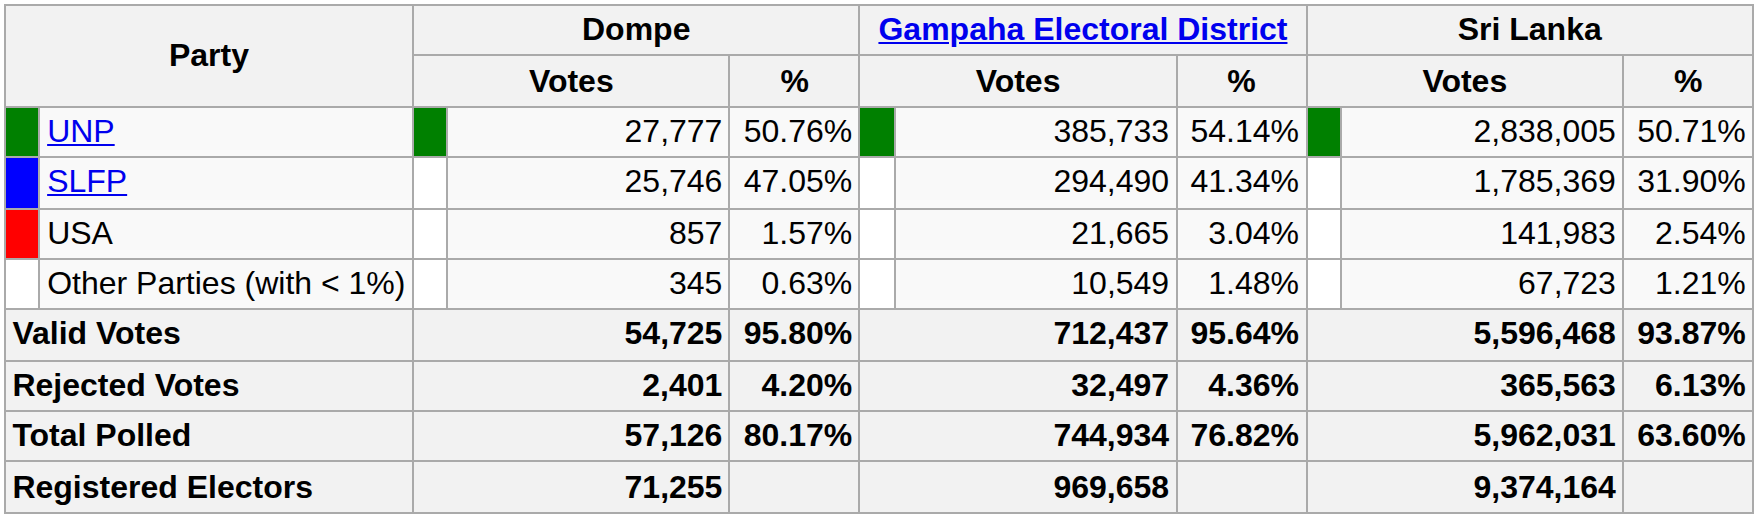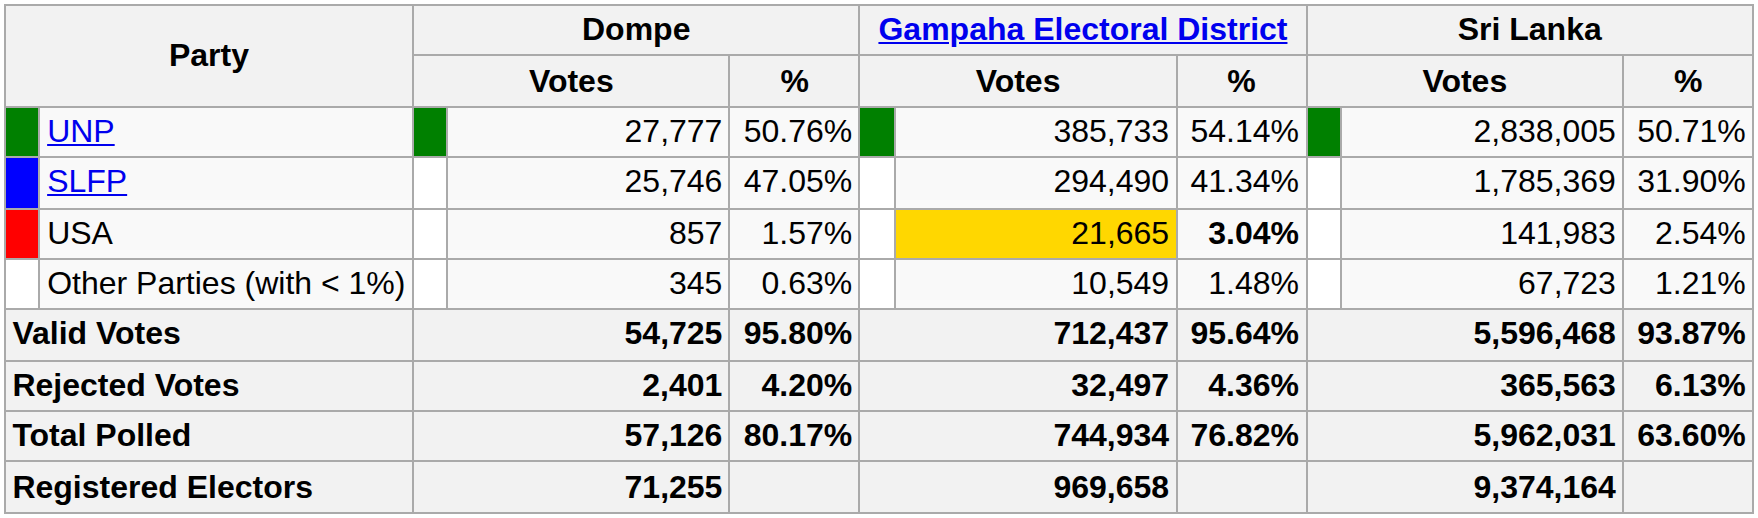 <table class="wikitable">
 <tr>
 <th colspan="2" width="144px"rowspan="2">Party</th>
 <th colspan="3" width="216px">Dompe</th>
 <th colspan="3" width="216px"><a href='#'>Gampaha Electoral District</a></th>
 <th colspan="3" width="216px">Sri Lanka</th>
 </tr>
 <tr>
 <th colspan="2" width="144px">Votes</th>
 <th>%</th>
 <th colspan="2" width="144px">Votes</th>
 <th>%</th>
 <th colspan="2" width="144px">Votes</th>
 <th>%</th>
 </tr>
 <tr>
 <td style="background-color:green;" width="10px"></td>
 <td style="text-align:left;"><a href='#'>UNP</a></td>
 <td style="background-color:green;" width="10px"></td>
 <td style="text-align:right;">27,777</td>
 <td style="text-align:right;">50.76%</td>
 <td style="background-color:green;" width="10px"></td>
 <td style="text-align:right;">385,733</td>
 <td style="text-align:right;">54.14%</td>
 <td style="background-color:green;" width="10px"></td>
 <td style="text-align:right;">2,838,005</td>
 <td style="text-align:right;">50.71%</td>
 </tr>
 <tr>
 <td style="background-color:blue;" width="10px"></td>
 <td style="text-align:left;"><a href='#'>SLFP</a></td>
 <td style="background-color:white;" width="10px"></td>
 <td style="text-align:right;">25,746</td>
 <td style="text-align:right;">47.05%</td>
 <td style="background-color:white;" width="10px"></td>
 <td style="text-align:right;">294,490</td>
 <td style="text-align:right;">41.34%</td>
 <td style="background-color:white;" width="10px"></td>
 <td style="text-align:right;">1,785,369</td>
 <td style="text-align:right;">31.90%</td>
 </tr>
 <tr>
 <td style="background-color:red;" width="10px"></td>
 <td style="text-align:left;">USA</td>
 <td style="background-color:white;" width="10px"></td>
 <td style="text-align:right;">857</td>
 <td style="text-align:right;">1.57%</td>
 <td style="background-color:white;" width="10px"></td>
-<td style="text-align:right;">21,665</td>
-<td style="text-align:right;">3.04%</td>
+<td style="background: gold; text-align:right;">21,665</td>
+<td style="text-align:right;"><strong>3.04%</strong></td>
 <td style="background-color:white;" width="10px"></td>
 <td style="text-align:right;">141,983</td>
 <td style="text-align:right;">2.54%</td>
 </tr>
 <tr>
 <td style="background-color:white;" width="10px"></td>
 <td style="text-align:left;">Other Parties (with < 1%)</td>
 <td style="background-color:white;" width="10px"></td>
 <td style="text-align:right;">345</td>
 <td style="text-align:right;">0.63%</td>
 <td style="background-color:white;" width="10px"></td>
 <td style="text-align:right;">10,549</td>
 <td style="text-align:right;">1.48%</td>
 <td style="background-color:white;" width="10px"></td>
 <td style="text-align:right;">67,723</td>
 <td style="text-align:right;">1.21%</td>
 </tr>
 <tr>
 <th colspan="2" width="144px"style="text-align:left;">Valid Votes</th>
 <th style="text-align:right;"colspan="2" width="144px">54,725</th>
 <th style="text-align:right;">95.80%</th>
 <th style="text-align:right;"colspan="2" width="144px">712,437</th>
 <th style="text-align:right;">95.64%</th>
 <th style="text-align:right;"colspan="2" width="144px">5,596,468</th>
 <th style="text-align:right;">93.87%</th>
 </tr>
 <tr>
 <th colspan="2" width="144px"style="text-align:left;">Rejected Votes</th>
 <th style="text-align:right;"colspan="2" width="144px">2,401</th>
 <th style="text-align:right;">4.20%</th>
 <th style="text-align:right;"colspan="2" width="144px">32,497</th>
 <th style="text-align:right;">4.36%</th>
 <th style="text-align:right;"colspan="2" width="144px">365,563</th>
 <th style="text-align:right;">6.13%</th>
 </tr>
 <tr>
 <th colspan="2" width="144px"style="text-align:left;">Total Polled</th>
 <th style="text-align:right;"colspan="2" width="144px">57,126</th>
 <th style="text-align:right;">80.17%</th>
 <th style="text-align:right;"colspan="2" width="144px">744,934</th>
 <th style="text-align:right;">76.82%</th>
 <th style="text-align:right;"colspan="2" width="144px">5,962,031</th>
 <th style="text-align:right;">63.60%</th>
 </tr>
 <tr>
 <th colspan="2" width="144px"style="text-align:left;">Registered Electors</th>
 <th style="text-align:right;"colspan="2" width="144px">71,255</th>
 <th></th>
 <th style="text-align:right;"colspan="2" width="144px">969,658</th>
 <th></th>
 <th style="text-align:right;"colspan="2" width="144px">9,374,164</th>
 <th></th>
 </tr>
 </table>
